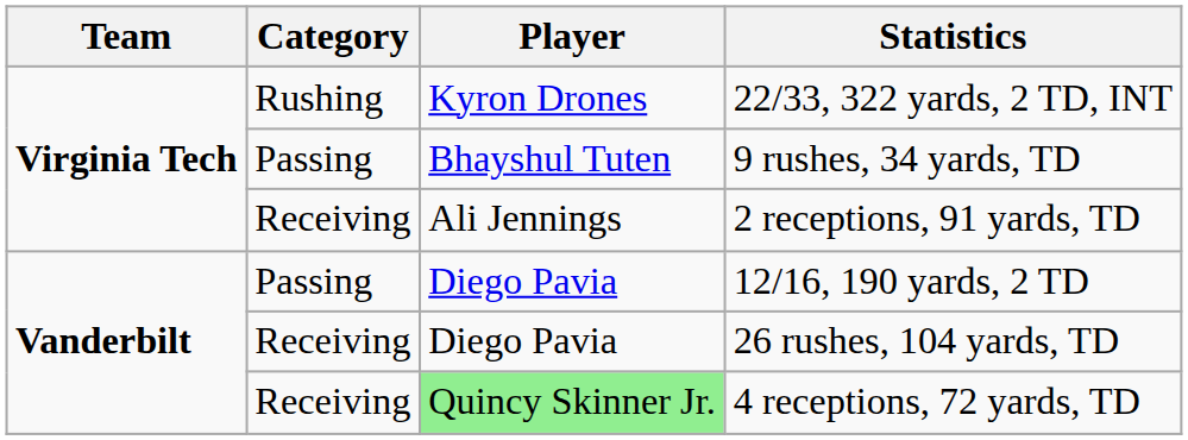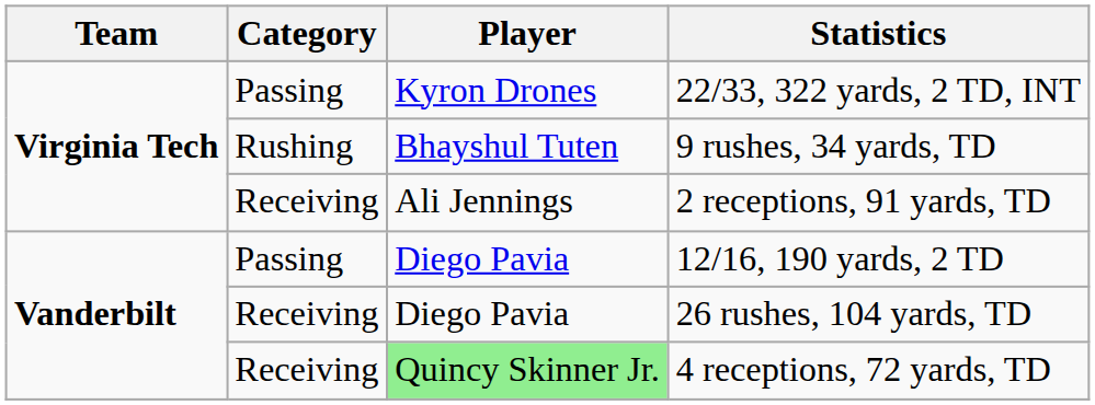 <table class="wikitable" style="float: right;">
 <tr>
 <th>Team</th>
 <th>Category</th>
 <th>Player</th>
 <th>Statistics</th>
 </tr>
 <tr>
 <td rowspan=3><strong>Virginia Tech</strong></td>
-<td>Rushing</td>
+<td>Passing</td>
 <td><a href='#'>Kyron Drones</a></td>
 <td>22/33, 322 yards, 2 TD, INT</td>
 </tr>
 <tr>
-<td>Passing</td>
+<td>Rushing</td>
 <td><a href='#'>Bhayshul Tuten</a></td>
 <td>9 rushes, 34 yards, TD</td>
 </tr>
 <tr>
 <td>Receiving</td>
 <td>Ali Jennings</td>
 <td>2 receptions, 91 yards, TD</td>
 </tr>
 <tr>
 <td rowspan=3><strong>Vanderbilt</strong></td>
 <td>Passing</td>
 <td><a href='#'>Diego Pavia</a></td>
 <td>12/16, 190 yards, 2 TD</td>
 </tr>
 <tr>
 <td>Receiving</td>
 <td>Diego Pavia</td>
 <td>26 rushes, 104 yards, TD</td>
 </tr>
 <tr>
 <td>Receiving</td>
 <td style="background: lightgreen;">Quincy Skinner Jr.</td>
 <td>4 receptions, 72 yards, TD</td>
 </tr>
 </table>
